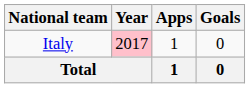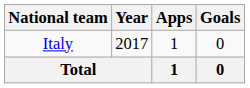 <table class="wikitable" style="text-align:center">
 <tr>
 <th>National team</th>
 <th>Year</th>
 <th>Apps</th>
 <th>Goals</th>
 </tr>
 <tr>
 <td><a href='#'>Italy</a></td>
-<td style="background: pink;">2017</td>
+<td>2017</td>
 <td>1</td>
 <td>0</td>
 </tr>
 <tr>
 <th colspan=2>Total</th>
 <th>1</th>
 <th>0</th>
 </tr>
 </table>
